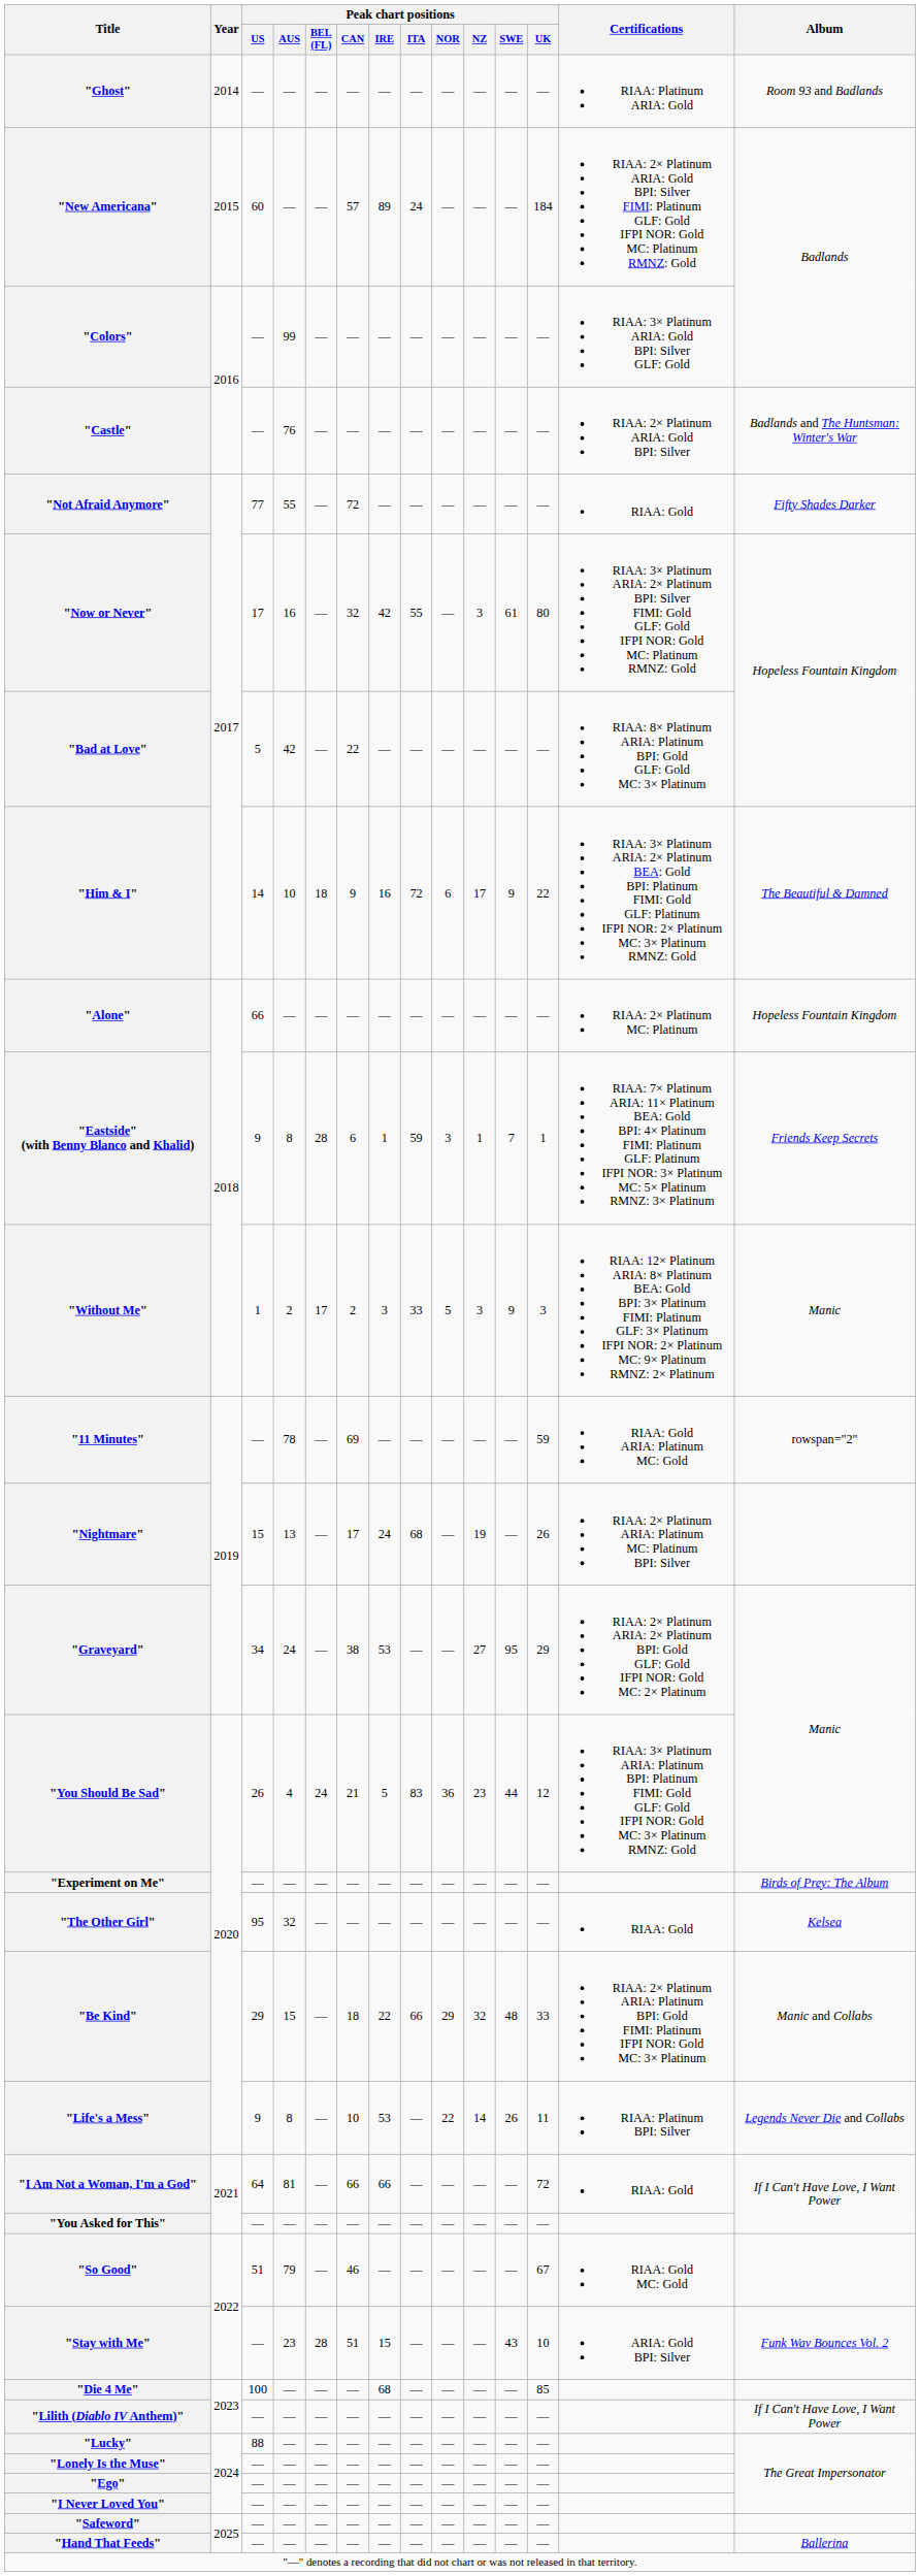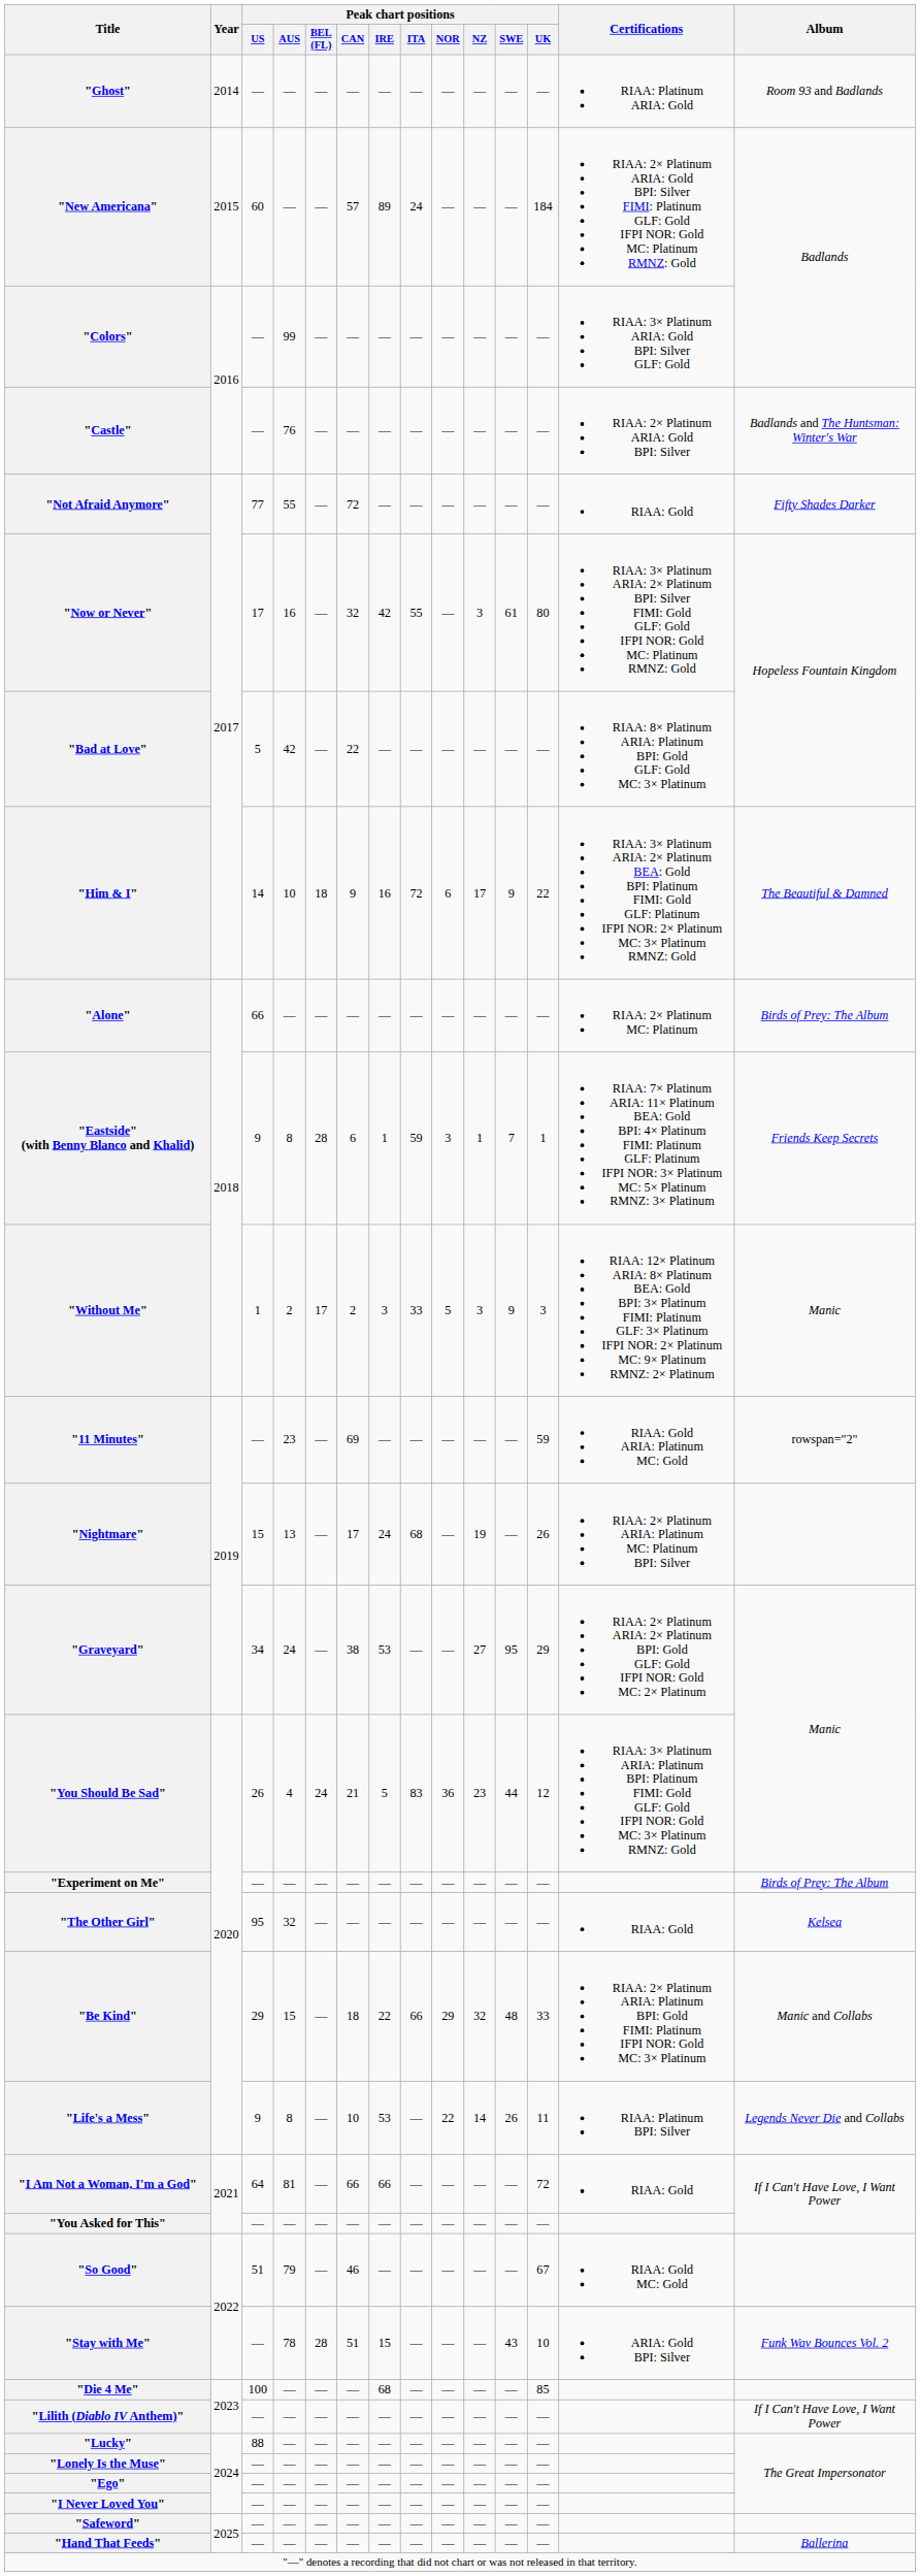 <table class="wikitable plainrowheaders" style="text-align:center;" border="1">
 <tr>
 <th scope="col" rowspan="2" style="width:16em;">Title</th>
 <th scope="col" rowspan="2" style="width:1em;">Year</th>
 <th scope="col" colspan="10">Peak chart positions</th>
 <th scope="col" rowspan="2" style="width:13.5em;"><a href='#'>Certifications</a></th>
 <th scope="col" rowspan="2" style="width:14em;">Album</th>
 </tr>
 <tr>
 <th scope="col" style="width:2.5em;font-size:85%;"><a href='#'>US</a><br></th>
 <th scope="col" style="width:2.5em;font-size:85%;"><a href='#'>AUS</a><br></th>
 <th scope="col" style="width:2.5em;font-size:85%;"><a href='#'>BEL<br>(FL)</a><br></th>
 <th scope="col" style="width:2.5em;font-size:85%;"><a href='#'>CAN</a><br></th>
 <th scope="col" style="width:2.5em;font-size:85%;"><a href='#'>IRE</a><br></th>
 <th scope="col" style="width:2.5em;font-size:85%;"><a href='#'>ITA</a><br></th>
 <th scope="col" style="width:2.5em;font-size:85%;"><a href='#'>NOR</a><br></th>
 <th scope="col" style="width:2.5em;font-size:85%;"><a href='#'>NZ</a><br></th>
 <th scope="col" style="width:2.5em;font-size:85%;"><a href='#'>SWE</a><br></th>
 <th scope="col" style="width:2.5em;font-size:85%;"><a href='#'>UK</a><br></th>
 </tr>
 <tr>
 <th scope="row">"<a href='#'>Ghost</a>"</th>
 <td>2014</td>
 <td>—</td>
 <td>—</td>
 <td>—</td>
 <td>—</td>
 <td>—</td>
 <td>—</td>
 <td>—</td>
 <td>—</td>
 <td>—</td>
 <td>—</td>
 <td><br><ul><li>RIAA: Platinum</li><li>ARIA: Gold</li></ul></td>
 <td><em>Room 93</em> and <em>Badlands</em></td>
 </tr>
 <tr>
 <th scope="row">"<a href='#'>New Americana</a>"</th>
 <td>2015</td>
 <td>60</td>
 <td>—</td>
 <td>—</td>
 <td>57</td>
 <td>89</td>
 <td>24</td>
 <td>—</td>
 <td>—</td>
 <td>—</td>
 <td>184</td>
 <td><br><ul><li>RIAA: 2× Platinum</li><li>ARIA: Gold</li><li>BPI: Silver</li><li><a href='#'>FIMI</a>: Platinum</li><li>GLF: Gold</li><li>IFPI NOR: Gold</li><li>MC: Platinum</li><li><a href='#'>RMNZ</a>: Gold</li></ul></td>
 <td rowspan="2"><em>Badlands</em></td>
 </tr>
 <tr>
 <th scope="row">"<a href='#'>Colors</a>"</th>
 <td rowspan="2">2016</td>
 <td>—</td>
 <td>99</td>
 <td>—</td>
 <td>—</td>
 <td>—</td>
 <td>—</td>
 <td>—</td>
 <td>—</td>
 <td>—</td>
 <td>—</td>
 <td><br><ul><li>RIAA: 3× Platinum</li><li>ARIA: Gold</li><li>BPI: Silver</li><li>GLF: Gold</li></ul></td>
 </tr>
 <tr>
 <th scope="row">"<a href='#'>Castle</a>" <br></th>
 <td>—</td>
 <td>76</td>
 <td>—</td>
 <td>—</td>
 <td>—</td>
 <td>—</td>
 <td>—</td>
 <td>—</td>
 <td>—</td>
 <td>—</td>
 <td><br><ul><li>RIAA: 2× Platinum</li><li>ARIA: Gold</li><li>BPI: Silver</li></ul></td>
 <td><em>Badlands</em> and <em><a href='#'>The Huntsman: Winter's War</a></em></td>
 </tr>
 <tr>
 <th scope="row">"<a href='#'>Not Afraid Anymore</a>"</th>
 <td rowspan="4">2017</td>
 <td>77</td>
 <td>55</td>
 <td>—</td>
 <td>72</td>
 <td>—</td>
 <td>—</td>
 <td>—</td>
 <td>—</td>
 <td>—</td>
 <td>—</td>
 <td><br><ul><li>RIAA: Gold</li></ul></td>
 <td><em><a href='#'>Fifty Shades Darker</a></em></td>
 </tr>
 <tr>
 <th scope="row">"<a href='#'>Now or Never</a>"</th>
 <td>17</td>
 <td>16</td>
 <td>—</td>
 <td>32</td>
 <td>42</td>
 <td>55</td>
 <td>—</td>
 <td>3</td>
 <td>61</td>
 <td>80</td>
 <td><br><ul><li>RIAA: 3× Platinum</li><li>ARIA: 2× Platinum</li><li>BPI: Silver</li><li>FIMI: Gold</li><li>GLF: Gold</li><li>IFPI NOR: Gold</li><li>MC: Platinum</li><li>RMNZ: Gold</li></ul></td>
 <td rowspan="2"><em>Hopeless Fountain Kingdom</em></td>
 </tr>
 <tr>
 <th scope="row">"<a href='#'>Bad at Love</a>"</th>
 <td>5</td>
 <td>42</td>
 <td>—</td>
 <td>22</td>
 <td>—</td>
 <td>—</td>
 <td>—</td>
 <td>—</td>
 <td>—</td>
 <td>—</td>
 <td><br><ul><li>RIAA: 8× Platinum</li><li>ARIA: Platinum</li><li>BPI: Gold</li><li>GLF: Gold</li><li>MC: 3× Platinum</li></ul></td>
 </tr>
 <tr>
 <th scope="row">"<a href='#'>Him & I</a>" <br></th>
 <td>14</td>
 <td>10</td>
 <td>18</td>
 <td>9</td>
 <td>16</td>
 <td>72</td>
 <td>6</td>
 <td>17</td>
 <td>9</td>
 <td>22</td>
 <td><br><ul><li>RIAA: 3× Platinum</li><li>ARIA: 2× Platinum</li><li><a href='#'>BEA</a>: Gold</li><li>BPI: Platinum</li><li>FIMI: Gold</li><li>GLF: Platinum</li><li>IFPI NOR: 2× Platinum</li><li>MC: 3× Platinum</li><li>RMNZ: Gold</li></ul></td>
 <td><em><a href='#'>The Beautiful & Damned</a></em></td>
 </tr>
 <tr>
 <th scope="row">"<a href='#'>Alone</a>"<br></th>
 <td rowspan="3">2018</td>
 <td>66</td>
 <td>—</td>
 <td>—</td>
 <td>—</td>
 <td>—</td>
 <td>—</td>
 <td>—</td>
 <td>—</td>
 <td>—</td>
 <td>—</td>
 <td><br><ul><li>RIAA: 2× Platinum</li><li>MC: Platinum</li></ul></td>
-<td><em>Hopeless Fountain Kingdom</em></td>
+<td><em><a href='#'>Birds of Prey: The Album</a></em></td>
 </tr>
 <tr>
 <th scope="row">"<a href='#'>Eastside</a>"<br><span>(with <a href='#'>Benny Blanco</a> and <a href='#'>Khalid</a>)</span></th>
 <td>9</td>
 <td>8</td>
 <td>28</td>
 <td>6</td>
 <td>1</td>
 <td>59</td>
 <td>3</td>
 <td>1</td>
 <td>7</td>
 <td>1</td>
 <td><br><ul><li>RIAA: 7× Platinum</li><li>ARIA: 11× Platinum</li><li>BEA: Gold</li><li>BPI: 4× Platinum</li><li>FIMI: Platinum</li><li>GLF: Platinum</li><li>IFPI NOR: 3× Platinum</li><li>MC: 5× Platinum</li><li>RMNZ: 3× Platinum</li></ul></td>
 <td><em><a href='#'>Friends Keep Secrets</a></em></td>
 </tr>
 <tr>
 <th scope="row">"<a href='#'>Without Me</a>"</th>
 <td>1</td>
 <td>2</td>
 <td>17</td>
 <td>2</td>
 <td>3</td>
 <td>33</td>
 <td>5</td>
 <td>3</td>
 <td>9</td>
 <td>3</td>
 <td><br><ul><li>RIAA: 12× Platinum</li><li>ARIA: 8× Platinum</li><li>BEA: Gold</li><li>BPI: 3× Platinum</li><li>FIMI: Platinum</li><li>GLF: 3× Platinum</li><li>IFPI NOR: 2× Platinum</li><li>MC: 9× Platinum</li><li>RMNZ: 2× Platinum</li></ul></td>
 <td><em>Manic</em></td>
 </tr>
 <tr>
 <th scope="row">"<a href='#'>11 Minutes</a>"<br></th>
 <td rowspan="3">2019</td>
 <td>—</td>
-<td>78</td>
+<td>23</td>
 <td>—</td>
 <td>69</td>
 <td>—</td>
 <td>—</td>
 <td>—</td>
 <td>—</td>
 <td>—</td>
 <td>59</td>
 <td><br><ul><li>RIAA: Gold</li><li>ARIA: Platinum</li><li>MC: Gold</li></ul></td>
 <td>rowspan="2" </td>
 </tr>
 <tr>
 <th scope="row">"<a href='#'>Nightmare</a>"</th>
 <td>15</td>
 <td>13</td>
 <td>—</td>
 <td>17</td>
 <td>24</td>
 <td>68</td>
 <td>—</td>
 <td>19</td>
 <td>—</td>
 <td>26</td>
 <td><br><ul><li>RIAA: 2× Platinum</li><li>ARIA: Platinum</li><li>MC: Platinum</li><li>BPI: Silver</li></ul></td>
 </tr>
 <tr>
 <th scope="row">"<a href='#'>Graveyard</a>"</th>
 <td>34</td>
 <td>24</td>
 <td>—</td>
 <td>38</td>
 <td>53</td>
 <td>—</td>
 <td>—</td>
 <td>27</td>
 <td>95</td>
 <td>29</td>
 <td><br><ul><li>RIAA: 2× Platinum</li><li>ARIA: 2× Platinum</li><li>BPI: Gold</li><li>GLF: Gold</li><li>IFPI NOR: Gold</li><li>MC: 2× Platinum</li></ul></td>
 <td rowspan="2"><em>Manic</em></td>
 </tr>
 <tr>
 <th scope="row">"<a href='#'>You Should Be Sad</a>"</th>
 <td rowspan="5">2020</td>
 <td>26</td>
 <td>4</td>
 <td>24</td>
 <td>21</td>
 <td>5</td>
 <td>83</td>
 <td>36</td>
 <td>23</td>
 <td>44</td>
 <td>12</td>
 <td><br><ul><li>RIAA: 3× Platinum</li><li>ARIA: Platinum</li><li>BPI: Platinum</li><li>FIMI: Gold</li><li>GLF: Gold</li><li>IFPI NOR: Gold</li><li>MC: 3× Platinum</li><li>RMNZ: Gold</li></ul></td>
 </tr>
 <tr>
 <th scope="row">"Experiment on Me"</th>
 <td>—</td>
 <td>—</td>
 <td>—</td>
 <td>—</td>
 <td>—</td>
 <td>—</td>
 <td>—</td>
 <td>—</td>
 <td>—</td>
 <td>—</td>
 <td></td>
 <td><em><a href='#'>Birds of Prey: The Album</a></em></td>
 </tr>
 <tr>
 <th scope="row">"<a href='#'>The Other Girl</a>"<br></th>
 <td>95</td>
 <td>32</td>
 <td>—</td>
 <td>—</td>
 <td>—</td>
 <td>—</td>
 <td>—</td>
 <td>—</td>
 <td>—</td>
 <td>—</td>
 <td><br><ul><li>RIAA: Gold</li></ul></td>
 <td><em><a href='#'>Kelsea</a></em></td>
 </tr>
 <tr>
 <th scope="row">"<a href='#'>Be Kind</a>"<br></th>
 <td>29</td>
 <td>15</td>
 <td>—</td>
 <td>18</td>
 <td>22</td>
 <td>66</td>
 <td>29</td>
 <td>32</td>
 <td>48</td>
 <td>33</td>
 <td><br><ul><li>RIAA: 2× Platinum</li><li>ARIA: Platinum</li><li>BPI: Gold</li><li>FIMI: Platinum</li><li>IFPI NOR: Gold</li><li>MC: 3× Platinum</li></ul></td>
 <td><em>Manic</em> and <em>Collabs</em></td>
 </tr>
 <tr>
 <th scope="row">"<a href='#'>Life's a Mess</a>"<br></th>
 <td>9</td>
 <td>8</td>
 <td>—</td>
 <td>10</td>
 <td>53</td>
 <td>—</td>
 <td>22</td>
 <td>14</td>
 <td>26</td>
 <td>11</td>
 <td><br><ul><li>RIAA: Platinum</li><li>BPI: Silver</li></ul></td>
 <td><em><a href='#'>Legends Never Die</a></em> and <em>Collabs</em></td>
 </tr>
 <tr>
 <th scope="row">"<a href='#'>I Am Not a Woman, I'm a God</a>"</th>
 <td rowspan="2">2021</td>
 <td>64</td>
 <td>81</td>
 <td>—</td>
 <td>66</td>
 <td>66</td>
 <td>—</td>
 <td>—</td>
 <td>—</td>
 <td>—</td>
 <td>72</td>
 <td><br><ul><li>RIAA: Gold</li></ul></td>
 <td rowspan="2"><em>If I Can't Have Love, I Want Power</em></td>
 </tr>
 <tr>
 <th scope="row">"You Asked for This"</th>
 <td>—</td>
 <td>—</td>
 <td>—</td>
 <td>—</td>
 <td>—</td>
 <td>—</td>
 <td>—</td>
 <td>—</td>
 <td>—</td>
 <td>—</td>
 <td></td>
 </tr>
 <tr>
 <th scope="row">"<a href='#'>So Good</a>"</th>
 <td rowspan="2">2022</td>
 <td>51</td>
 <td>79</td>
 <td>—</td>
 <td>46</td>
 <td>—</td>
 <td>—</td>
 <td>—</td>
 <td>—</td>
 <td>—</td>
 <td>67</td>
 <td><br><ul><li>RIAA: Gold</li><li>MC: Gold</li></ul></td>
 <td></td>
 </tr>
 <tr>
 <th scope="row">"<a href='#'>Stay with Me</a>"<br></th>
 <td>—</td>
-<td>23</td>
+<td>78</td>
 <td>28</td>
 <td>51</td>
 <td>15</td>
 <td>—</td>
 <td>—</td>
 <td>—</td>
 <td>43</td>
 <td>10</td>
 <td><br><ul><li>ARIA: Gold</li><li>BPI: Silver</li></ul></td>
 <td><em><a href='#'>Funk Wav Bounces Vol. 2</a></em></td>
 </tr>
 <tr>
 <th scope="row">"<a href='#'>Die 4 Me</a>"</th>
 <td rowspan="2">2023</td>
 <td>100</td>
 <td>—</td>
 <td>—</td>
 <td>—</td>
 <td>68<br></td>
 <td>—</td>
 <td>—</td>
 <td>—</td>
 <td>—</td>
 <td>85</td>
 <td></td>
 <td></td>
 </tr>
 <tr>
 <th scope="row">"<a href='#'>Lilith (<em>Diablo IV</em> Anthem)</a>"<br></th>
 <td>—</td>
 <td>—</td>
 <td>—</td>
 <td>—</td>
 <td>—</td>
 <td>—</td>
 <td>—</td>
 <td>—</td>
 <td>—</td>
 <td>—</td>
 <td></td>
 <td><em>If I Can't Have Love, I Want Power</em></td>
 </tr>
 <tr>
 <th scope="row">"<a href='#'>Lucky</a>"</th>
 <td rowspan="4">2024</td>
 <td>88</td>
 <td>—</td>
 <td>—</td>
 <td>—</td>
 <td>—</td>
 <td>—</td>
 <td>—</td>
 <td>—</td>
 <td>—</td>
 <td>—</td>
 <td></td>
 <td rowspan="4"><em>The Great Impersonator</em></td>
 </tr>
 <tr>
 <th scope="row">"<a href='#'>Lonely Is the Muse</a>"</th>
 <td>—</td>
 <td>—</td>
 <td>—</td>
 <td>—</td>
 <td>—</td>
 <td>—</td>
 <td>—</td>
 <td>—</td>
 <td>—</td>
 <td>—</td>
 <td></td>
 </tr>
 <tr>
 <th scope="row">"<a href='#'>Ego</a>"</th>
 <td>—</td>
 <td>—</td>
 <td>—</td>
 <td>—</td>
 <td>—</td>
 <td>—</td>
 <td>—</td>
 <td>—</td>
 <td>—</td>
 <td>—</td>
 <td></td>
 </tr>
 <tr>
 <th scope="row">"<a href='#'>I Never Loved You</a>"</th>
 <td>—</td>
 <td>—</td>
 <td>—</td>
 <td>—</td>
 <td>—</td>
 <td>—</td>
 <td>—</td>
 <td>—</td>
 <td>—</td>
 <td>—</td>
 <td></td>
 </tr>
 <tr>
 <th scope="row">"<a href='#'>Safeword</a>"</th>
 <td rowspan="2">2025</td>
 <td>—</td>
 <td>—</td>
 <td>—</td>
 <td>—</td>
 <td>—</td>
 <td>—</td>
 <td>—</td>
 <td>—</td>
 <td>—</td>
 <td>—</td>
 <td></td>
 <td></td>
 </tr>
 <tr>
 <th scope="row">"<a href='#'>Hand That Feeds</a>"<br></th>
 <td>—</td>
 <td>—</td>
 <td>—</td>
 <td>—</td>
 <td>—</td>
 <td>—</td>
 <td>—</td>
 <td>—</td>
 <td>—</td>
 <td>—</td>
 <td></td>
 <td><em><a href='#'>Ballerina</a></em></td>
 </tr>
 <tr>
 <td colspan="14" style="font-size:90%">"—" denotes a recording that did not chart or was not released in that territory.</td>
 </tr>
 </table>
